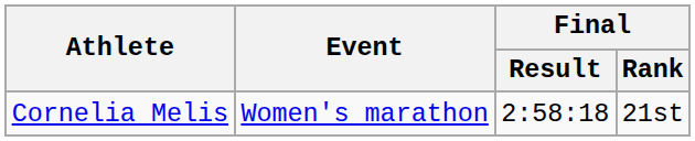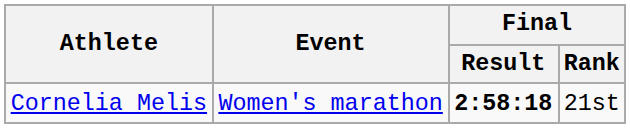 <table class="wikitable" style="text-align:center; font-size:90%">
 <tr>
 <th rowspan="2">Athlete</th>
 <th rowspan="2">Event</th>
 <th colspan="2">Final</th>
 </tr>
 <tr>
 <th>Result</th>
 <th>Rank</th>
 </tr>
 <tr>
 <td><a href='#'>Cornelia Melis</a></td>
 <td><a href='#'>Women's marathon</a></td>
-<td>2:58:18</td>
+<td><strong>2:58:18</strong></td>
 <td>21st</td>
 </tr>
 </table>
